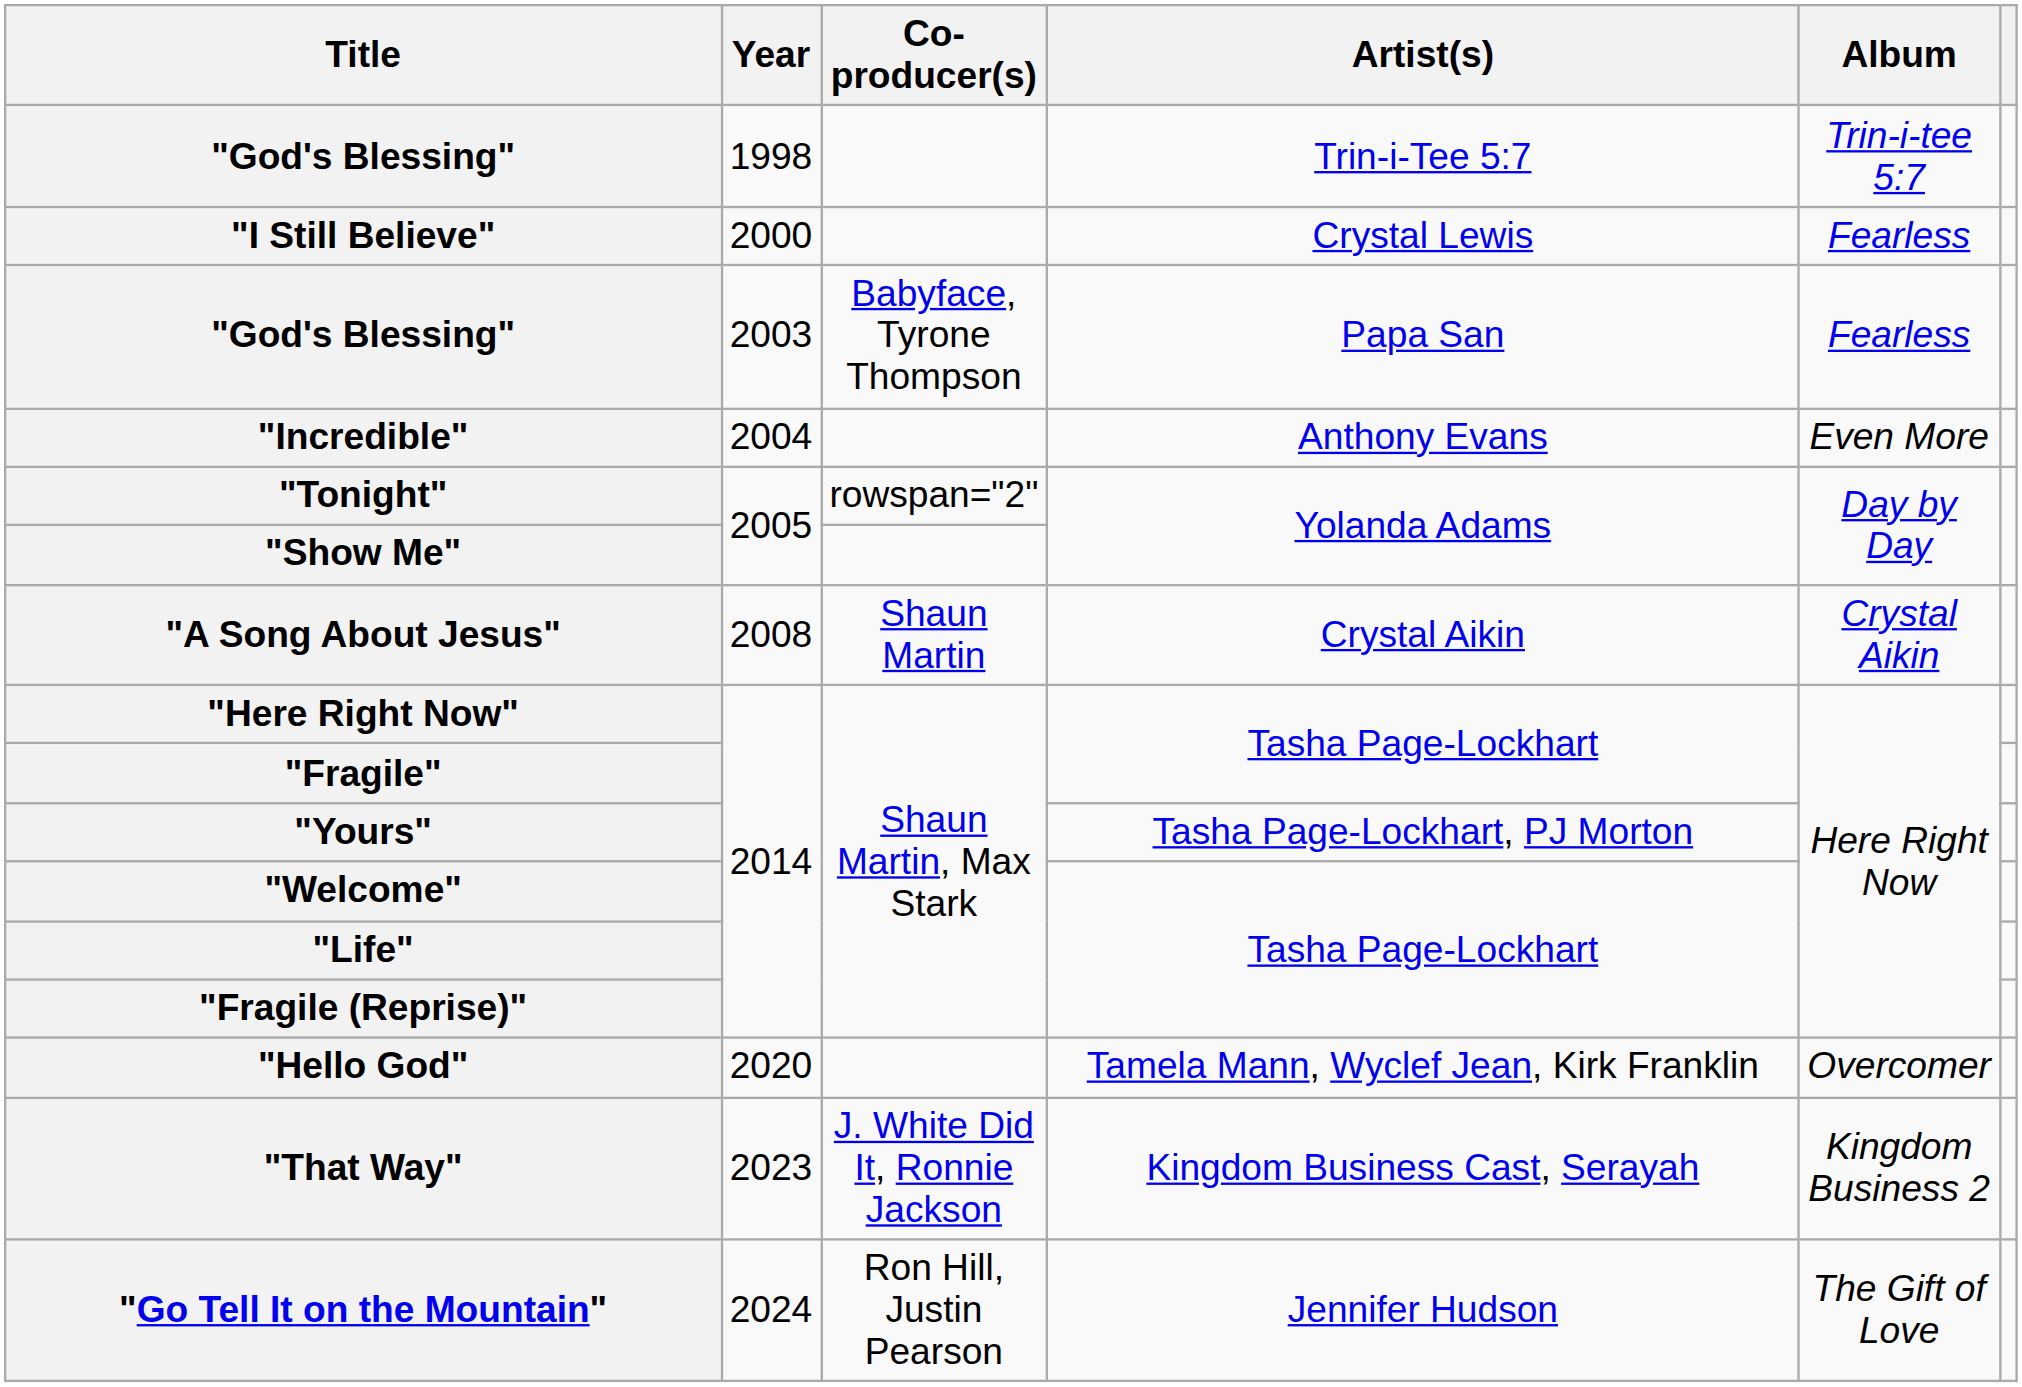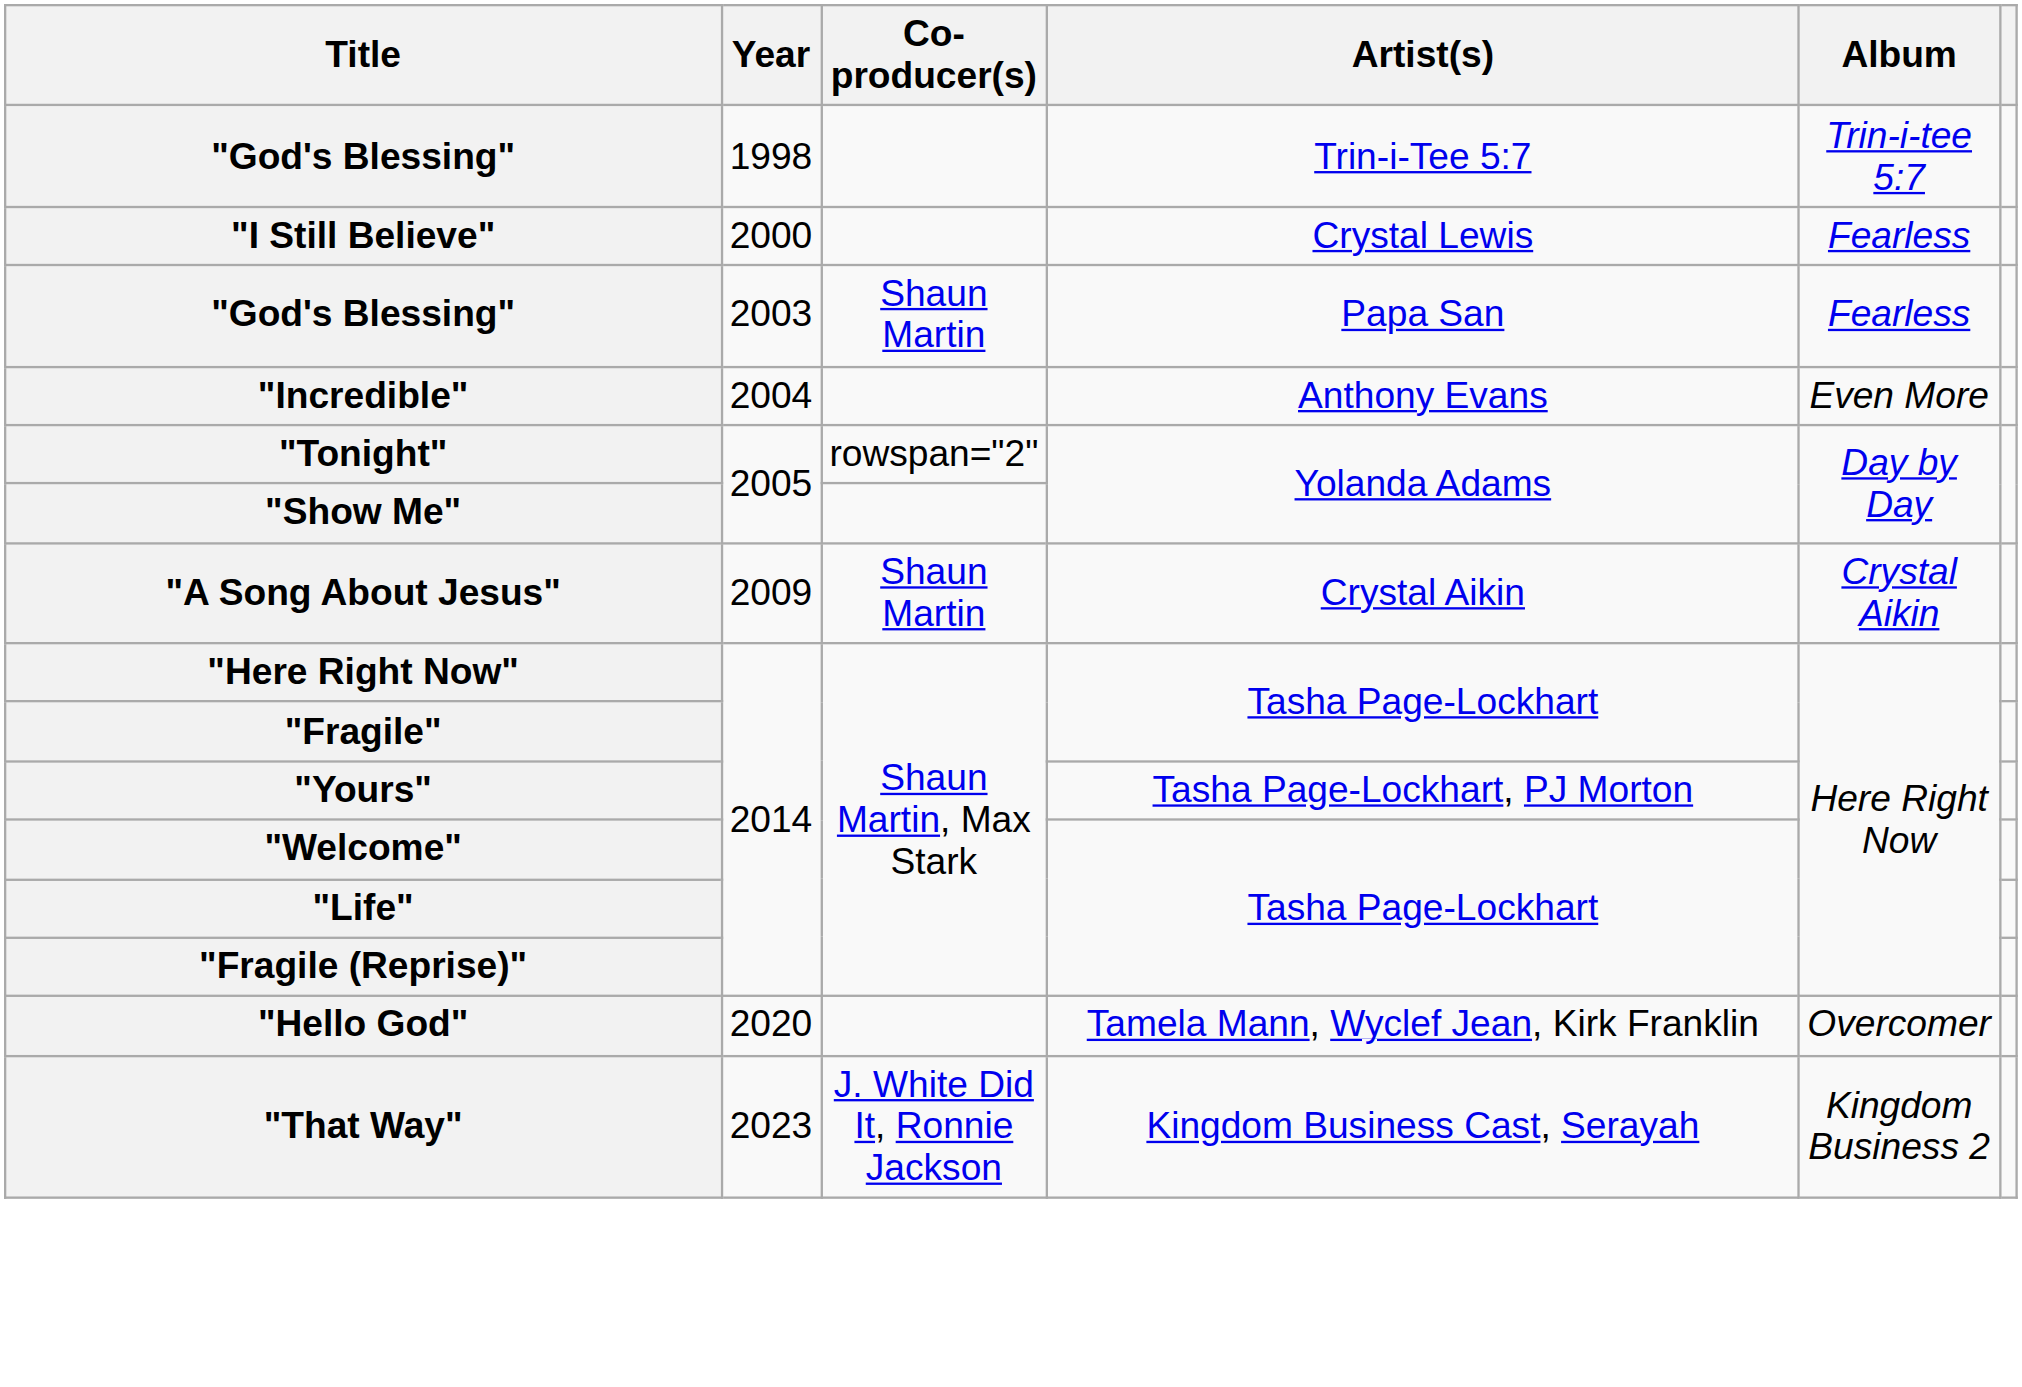 <table class="wikitable plainrowheaders" style="text-align:center;" border="1">
 <tr>
 <th scope="col" style="width:19em;">Title</th>
 <th scope="col">Year</th>
 <th scope="col">Co-producer(s)</th>
 <th scope="col" style="width:20em;">Artist(s)</th>
 <th scope="col">Album</th>
 <th scope="col"></th>
 </tr>
 <tr>
 <th scope="row">"God's Blessing"</th>
 <td>1998</td>
 <td></td>
 <td><a href='#'>Trin-i-Tee 5:7</a></td>
 <td><em><a href='#'>Trin-i-tee 5:7</a></em></td>
 <td></td>
 </tr>
 <tr>
 <th scope="row">"I Still Believe"</th>
 <td>2000</td>
 <td></td>
 <td><a href='#'>Crystal Lewis</a></td>
 <td><em><a href='#'>Fearless</a></em></td>
 <td></td>
 </tr>
 <tr>
 <th scope="row">"God's Blessing"</th>
 <td>2003</td>
-<td><a href='#'>Babyface</a>, Tyrone Thompson</td>
+<td><a href='#'>Shaun Martin</a></td>
 <td><a href='#'>Papa San</a></td>
 <td><em><a href='#'>Fearless</a></em></td>
 <td></td>
 </tr>
 <tr>
 <th scope="row">"Incredible"</th>
 <td rowspan="1">2004</td>
 <td></td>
 <td><a href='#'>Anthony Evans</a></td>
 <td><em>Even More</em></td>
 <td></td>
 </tr>
 <tr>
 <th scope="row">"Tonight"</th>
 <td rowspan="2">2005</td>
 <td>rowspan="2" </td>
 <td rowspan="2"><a href='#'>Yolanda Adams</a></td>
 <td rowspan="2"><em><a href='#'>Day by Day</a></em></td>
 <td rowspan="2"></td>
 </tr>
 <tr>
 <th scope="row">"Show Me"</th>
 </tr>
 <tr>
 <th scope="row">"A Song About Jesus"</th>
-<td>2008</td>
+<td>2009</td>
 <td><a href='#'>Shaun Martin</a></td>
 <td><a href='#'>Crystal Aikin</a></td>
 <td><em><a href='#'>Crystal Aikin</a></em></td>
 <td></td>
 </tr>
 <tr>
 <th scope="row">"Here Right Now"</th>
 <td rowspan="6">2014</td>
 <td rowspan="6"><a href='#'>Shaun Martin</a>, Max Stark</td>
 <td rowspan="2"><a href='#'>Tasha Page-Lockhart</a></td>
 <td rowspan="6"><em>Here Right Now</em></td>
 <td></td>
 </tr>
 <tr>
 <th scope="row">"Fragile"</th>
 <td></td>
 </tr>
 <tr>
 <th scope="row">"Yours"</th>
 <td><a href='#'>Tasha Page-Lockhart</a>, <a href='#'>PJ Morton</a></td>
 <td></td>
 </tr>
 <tr>
 <th scope="row">"Welcome"</th>
 <td rowspan="3"><a href='#'>Tasha Page-Lockhart</a></td>
 <td></td>
 </tr>
 <tr>
 <th scope="row">"Life"</th>
 <td></td>
 </tr>
 <tr>
 <th scope="row">"Fragile (Reprise)"</th>
 <td></td>
 </tr>
 <tr>
 <th scope="row">"Hello God"</th>
 <td>2020</td>
 <td></td>
 <td><a href='#'>Tamela Mann</a>, <a href='#'>Wyclef Jean</a>, Kirk Franklin</td>
 <td><em>Overcomer</em></td>
 <td></td>
 </tr>
 <tr>
 <th scope="row">"That Way"</th>
 <td>2023</td>
 <td><a href='#'>J. White Did It</a>, <a href='#'>Ronnie Jackson</a></td>
 <td><a href='#'>Kingdom Business Cast</a>, <a href='#'>Serayah</a></td>
 <td><em>Kingdom Business 2</em></td>
 <td></td>
 </tr>
-<tr>
-<th scope="row">"<a href='#'>Go Tell It on the Mountain</a>"</th>
-<td>2024</td>
-<td>Ron Hill, Justin Pearson</td>
-<td><a href='#'>Jennifer Hudson</a></td>
-<td><em>The Gift of Love</em></td>
-<td></td>
-</tr>
 </table>
